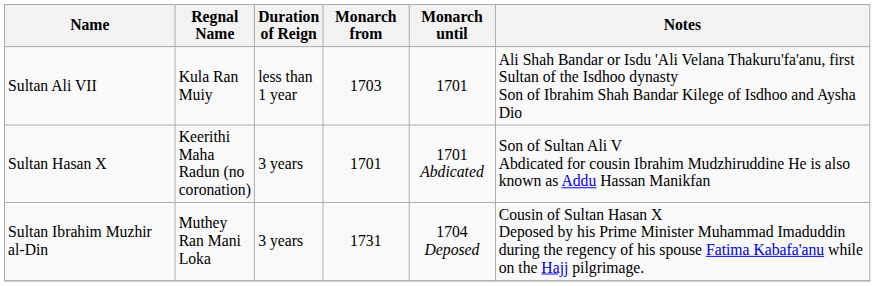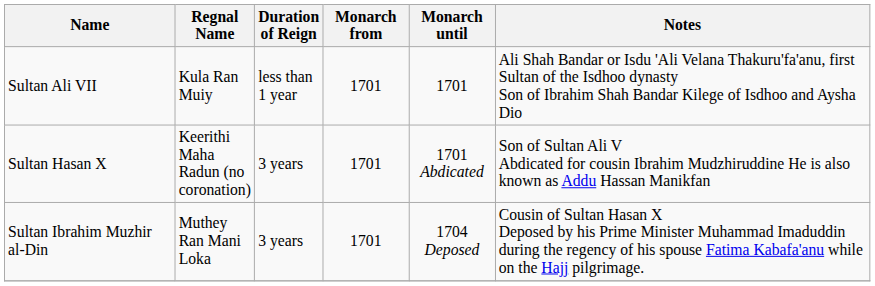 <table width=100% class="wikitable">
 <tr>
 <th width=20%>Name</th>
 <th>Regnal Name</th>
 <th>Duration of Reign</th>
 <th width=10%>Monarch from</th>
 <th width=10%>Monarch until</th>
 <th width=44%>Notes</th>
 </tr>
 <tr>
 <td align="left">Sultan Ali VII</td>
 <td>Kula Ran Muiy</td>
 <td>less than 1 year</td>
-<td align="center">1703</td>
+<td align="center">1701</td>
 <td align="center">1701</td>
 <td align="left">Ali Shah Bandar or Isdu 'Ali Velana Thakuru'fa'anu, first Sultan of the Isdhoo dynasty<br>Son of Ibrahim Shah Bandar Kilege of Isdhoo and Aysha Dio</td>
 </tr>
 <tr>
 <td align="left">Sultan Hasan X </td>
 <td>Keerithi Maha Radun (no coronation)</td>
 <td>3 years</td>
 <td align="center">1701</td>
 <td align="center">1701<br><em>Abdicated</em></td>
 <td align="left">Son of Sultan Ali V<br>Abdicated for cousin Ibrahim Mudzhiruddine He is also known as <a href='#'>Addu</a> Hassan Manikfan</td>
 </tr>
 <tr>
 <td align="left">Sultan Ibrahim Muzhir al-Din</td>
 <td>Muthey Ran Mani Loka</td>
 <td>3 years</td>
-<td align="center">1731</td>
+<td align="center">1701</td>
 <td align="center">1704<br><em>Deposed</em></td>
 <td align="left">Cousin of Sultan Hasan X<br>Deposed by his Prime Minister Muhammad Imaduddin during the regency of his spouse <a href='#'>Fatima Kabafa'anu</a> while on the <a href='#'>Hajj</a> pilgrimage.</td>
 </tr>
 <tr>
 </tr>
 </table>
